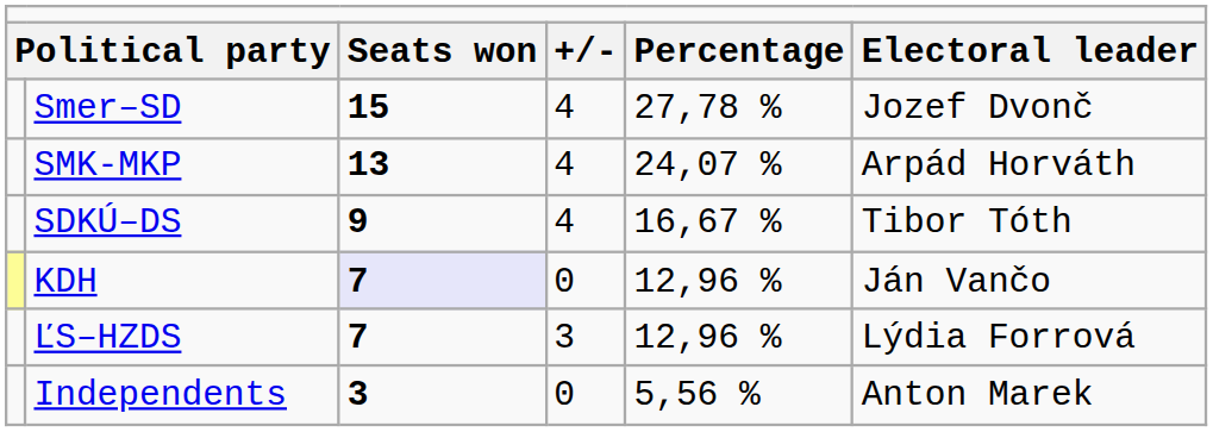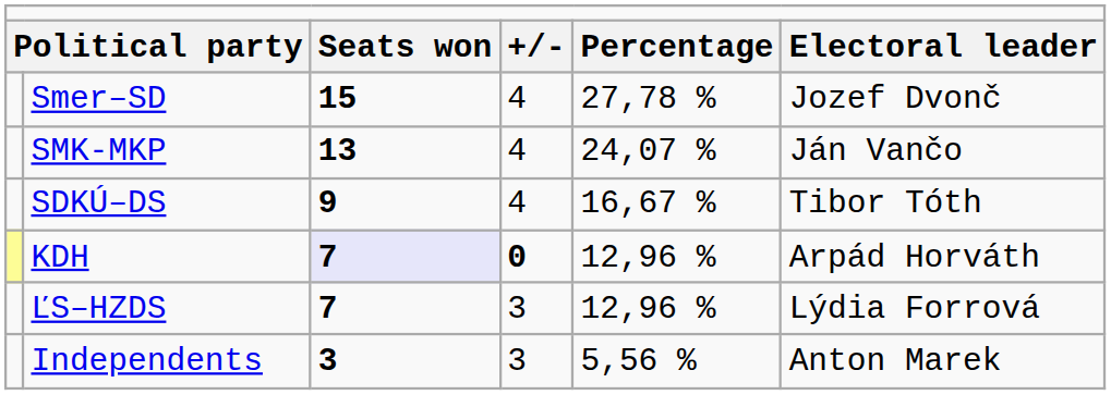 <table class="wikitable" style="text-align: left;">
 <tr>
 <td colspan="6"></td>
 </tr>
 <tr>
 <th colspan="2">Political party</th>
 <th>Seats won</th>
 <th>+/-</th>
 <th>Percentage</th>
 <th>Electoral leader</th>
 </tr>
 <tr>
 <td style="background:"></td>
 <td><a href='#'>Smer–SD</a></td>
 <td><strong>15</strong></td>
 <td> 4</td>
 <td>27,78 %</td>
 <td>Jozef Dvonč</td>
 </tr>
 <tr>
 <td style="background:"></td>
 <td><a href='#'>SMK-MKP</a></td>
 <td><strong>13</strong></td>
 <td> 4</td>
 <td>24,07 %</td>
-<td>Arpád Horváth</td>
+<td>Ján Vančo</td>
 </tr>
 <tr>
 <td style="background:"></td>
 <td><a href='#'>SDKÚ–DS</a></td>
 <td><strong>9</strong></td>
 <td> 4</td>
 <td>16,67 %</td>
 <td>Tibor Tóth</td>
 </tr>
 <tr>
 <td style="background:#fdfd96"></td>
 <td><a href='#'>KDH</a></td>
 <td style="background: lavender;"><strong>7</strong></td>
-<td> 0</td>
+<td><strong> 0</strong></td>
 <td>12,96 %</td>
-<td>Ján Vančo</td>
+<td>Arpád Horváth</td>
 </tr>
 <tr>
 <td style="background:"></td>
 <td><a href='#'>ĽS–HZDS</a></td>
 <td><strong>7</strong></td>
 <td> 3</td>
 <td>12,96 %</td>
 <td>Lýdia Forrová</td>
 </tr>
 <tr>
 <td style="background:"></td>
 <td><a href='#'>Independents</a></td>
 <td><strong>3</strong></td>
-<td> 0</td>
+<td> 3</td>
 <td>5,56 %</td>
 <td>Anton Marek</td>
 </tr>
 </table>
